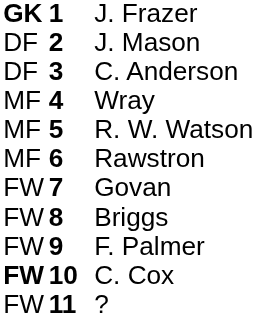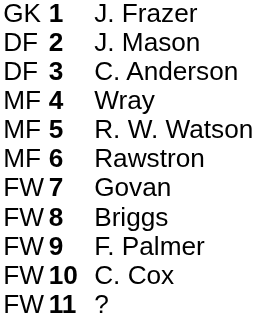 <table style="font-size: 90%" cellspacing="0" cellpadding="0" align=center>
 <tr>
 <td colspan="4"></td>
 </tr>
 <tr>
 <th width=25></th>
 <th width=25></th>
 </tr>
 <tr>
-<td><strong>GK</strong></td>
+<td>GK</td>
 <td><strong>1</strong></td>
 <td> J. Frazer</td>
 </tr>
 <tr>
 <td>DF</td>
 <td><strong>2</strong></td>
 <td> J. Mason</td>
 </tr>
 <tr>
 <td>DF</td>
 <td><strong>3</strong></td>
 <td> C. Anderson</td>
 </tr>
 <tr>
 <td>MF</td>
 <td><strong>4</strong></td>
 <td> Wray</td>
 </tr>
 <tr>
 <td>MF</td>
 <td><strong>5</strong></td>
 <td> R. W. Watson</td>
 </tr>
 <tr>
 <td>MF</td>
 <td><strong>6</strong></td>
 <td> Rawstron</td>
 </tr>
 <tr>
 <td>FW</td>
 <td><strong>7</strong></td>
 <td> Govan</td>
 </tr>
 <tr>
 <td>FW</td>
 <td><strong>8</strong></td>
 <td> Briggs</td>
 </tr>
 <tr>
 <td>FW</td>
 <td><strong>9</strong></td>
 <td> F. Palmer</td>
 </tr>
 <tr>
-<td><strong>FW</strong></td>
+<td>FW</td>
 <td><strong>10</strong></td>
 <td> C. Cox</td>
 </tr>
 <tr>
 <td>FW</td>
 <td><strong>11</strong></td>
 <td> ?</td>
 </tr>
 <tr>
 </tr>
 </table>
